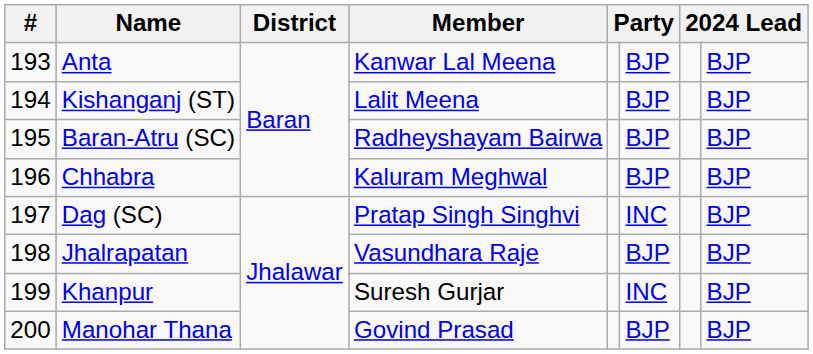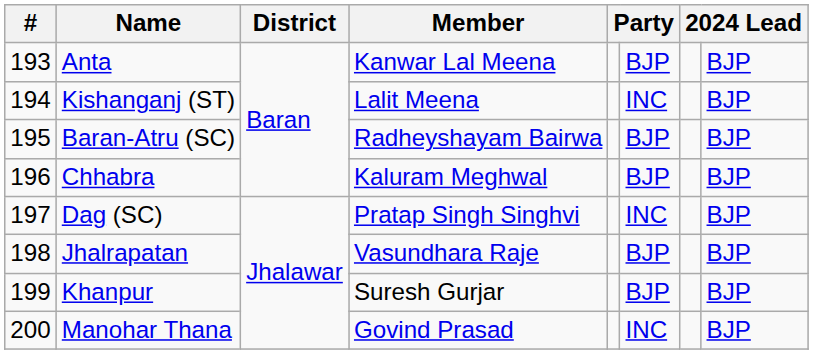 <table class="wikitable">
 <tr>
 <th>#</th>
 <th>Name</th>
 <th>District</th>
 <th>Member</th>
 <th colspan="2">Party</th>
 <th colspan="2">2024 Lead</th>
 </tr>
 <tr>
 <td>193</td>
 <td><a href='#'>Anta</a></td>
 <td rowspan="4"><a href='#'>Baran</a></td>
 <td><a href='#'>Kanwar Lal Meena</a></td>
 <td style="background-color: "></td>
 <td><a href='#'>BJP</a></td>
 <td style="background-color: "></td>
 <td><a href='#'>BJP</a></td>
 </tr>
 <tr>
 <td>194</td>
 <td><a href='#'>Kishanganj</a> (ST)</td>
 <td><a href='#'>Lalit Meena</a></td>
 <td style="background-color: "></td>
-<td><a href='#'>BJP</a></td>
+<td><a href='#'>INC</a></td>
 <td style="background-color: "></td>
 <td><a href='#'>BJP</a></td>
 </tr>
 <tr>
 <td>195</td>
 <td><a href='#'>Baran-Atru</a> (SC)</td>
 <td><a href='#'>Radheyshayam Bairwa</a></td>
 <td style="background-color: "></td>
 <td><a href='#'>BJP</a></td>
 <td style="background-color: "></td>
 <td><a href='#'>BJP</a></td>
 </tr>
 <tr>
 <td>196</td>
 <td><a href='#'>Chhabra</a></td>
 <td><a href='#'>Kaluram Meghwal</a></td>
 <td style="background-color: "></td>
 <td><a href='#'>BJP</a></td>
 <td style="background-color: "></td>
 <td><a href='#'>BJP</a></td>
 </tr>
 <tr>
 <td>197</td>
 <td><a href='#'>Dag</a> (SC)</td>
 <td rowspan="4"><a href='#'>Jhalawar</a></td>
 <td><a href='#'>Pratap Singh Singhvi</a></td>
 <td style="background-color: "></td>
 <td><a href='#'>INC</a></td>
 <td style="background-color: "></td>
 <td><a href='#'>BJP</a></td>
 </tr>
 <tr>
 <td>198</td>
 <td><a href='#'>Jhalrapatan</a></td>
 <td><a href='#'>Vasundhara Raje</a></td>
 <td style="background-color: "></td>
 <td><a href='#'>BJP</a></td>
 <td style="background-color: "></td>
 <td><a href='#'>BJP</a></td>
 </tr>
 <tr>
 <td>199</td>
 <td><a href='#'>Khanpur</a></td>
 <td>Suresh Gurjar</td>
 <td style="background-color: "></td>
-<td><a href='#'>INC</a></td>
+<td><a href='#'>BJP</a></td>
 <td style="background-color: "></td>
 <td><a href='#'>BJP</a></td>
 </tr>
 <tr>
 <td>200</td>
 <td><a href='#'>Manohar Thana</a></td>
 <td><a href='#'>Govind Prasad</a></td>
 <td style="background-color: "></td>
-<td><a href='#'>BJP</a></td>
+<td><a href='#'>INC</a></td>
 <td style="background-color: "></td>
 <td><a href='#'>BJP</a></td>
 </tr>
 </table>
